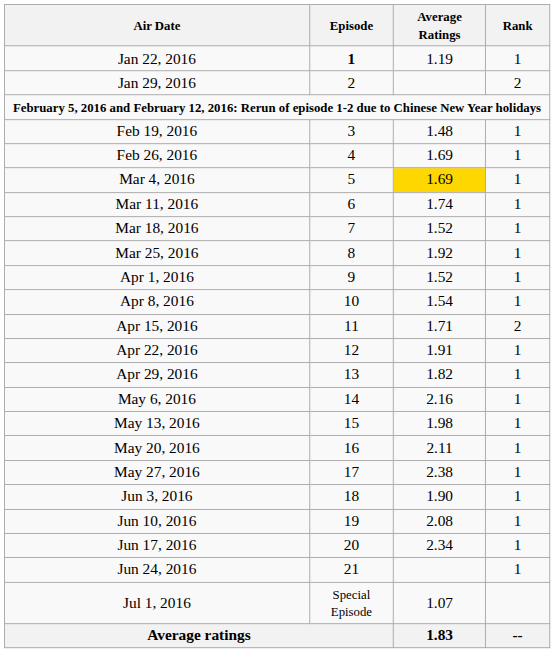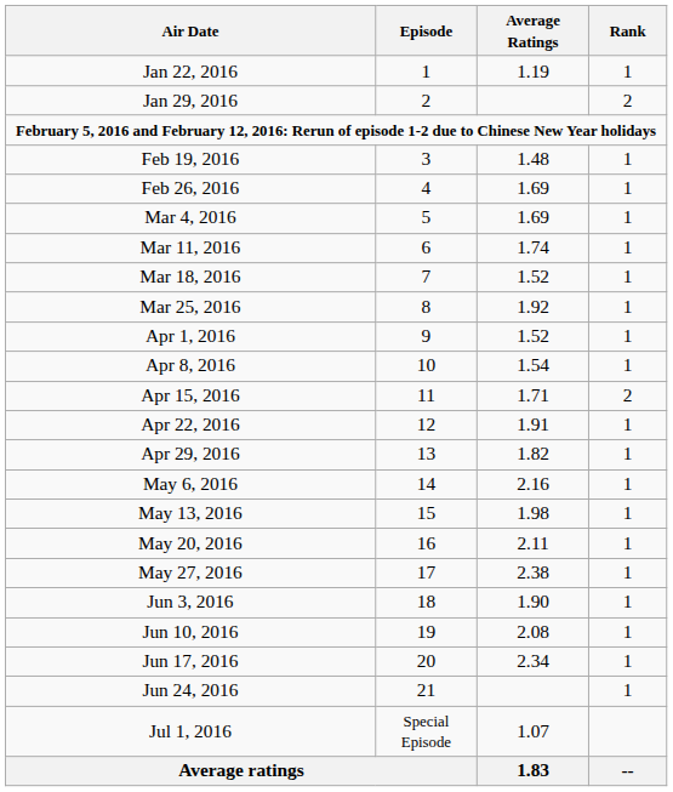 <table class="wikitable" style="text-align:center;width:45%;">
 <tr>
 <th width="25%"><small>Air Date</small></th>
 <th width="5%"><small>Episode</small></th>
 <th width="6%"><small>Average Ratings</small></th>
 <th width="4%"><small>Rank</small></th>
 </tr>
 <tr>
 <td>Jan 22, 2016</td>
-<td><strong>1</strong></td>
+<td>1</td>
 <td>1.19</td>
 <td>1</td>
 </tr>
 <tr>
 <td>Jan 29, 2016</td>
 <td>2</td>
 <td><strong></strong></td>
 <td>2</td>
 </tr>
 <tr>
 <td colspan="4"><strong><small>February 5, 2016 and February 12, 2016: Rerun of episode 1-2 due to Chinese New Year holidays</small></strong></td>
 </tr>
 <tr>
 <td>Feb 19, 2016</td>
 <td>3</td>
 <td>1.48</td>
 <td>1</td>
 </tr>
 <tr>
 <td>Feb 26, 2016</td>
 <td>4</td>
 <td>1.69</td>
 <td>1</td>
 </tr>
 <tr>
 <td>Mar 4, 2016</td>
 <td>5</td>
-<td style="background: gold;">1.69</td>
+<td>1.69</td>
 <td>1</td>
 </tr>
 <tr>
 <td>Mar 11, 2016</td>
 <td>6</td>
 <td>1.74</td>
 <td>1</td>
 </tr>
 <tr>
 <td>Mar 18, 2016</td>
 <td>7</td>
 <td>1.52</td>
 <td>1</td>
 </tr>
 <tr>
 <td>Mar 25, 2016</td>
 <td>8</td>
 <td>1.92</td>
 <td>1</td>
 </tr>
 <tr>
 <td>Apr 1, 2016</td>
 <td>9</td>
 <td>1.52</td>
 <td>1</td>
 </tr>
 <tr>
 <td>Apr 8, 2016</td>
 <td>10</td>
 <td>1.54</td>
 <td>1</td>
 </tr>
 <tr>
 <td>Apr 15, 2016</td>
 <td>11</td>
 <td>1.71</td>
 <td>2</td>
 </tr>
 <tr>
 <td>Apr 22, 2016</td>
 <td>12</td>
 <td>1.91</td>
 <td>1</td>
 </tr>
 <tr>
 <td>Apr 29, 2016</td>
 <td>13</td>
 <td>1.82</td>
 <td>1</td>
 </tr>
 <tr>
 <td>May 6, 2016</td>
 <td>14</td>
 <td>2.16</td>
 <td>1</td>
 </tr>
 <tr>
 <td>May 13, 2016</td>
 <td>15</td>
 <td>1.98</td>
 <td>1</td>
 </tr>
 <tr>
 <td>May 20, 2016</td>
 <td>16</td>
 <td>2.11</td>
 <td>1</td>
 </tr>
 <tr>
 <td>May 27, 2016</td>
 <td>17</td>
 <td>2.38</td>
 <td>1</td>
 </tr>
 <tr>
 <td>Jun 3, 2016</td>
 <td>18</td>
 <td>1.90</td>
 <td>1</td>
 </tr>
 <tr>
 <td>Jun 10, 2016</td>
 <td>19</td>
 <td>2.08</td>
 <td>1</td>
 </tr>
 <tr>
 <td>Jun 17, 2016</td>
 <td>20</td>
 <td>2.34</td>
 <td>1</td>
 </tr>
 <tr>
 <td>Jun 24, 2016</td>
 <td>21</td>
 <td><strong></strong></td>
 <td>1</td>
 </tr>
 <tr>
 <td>Jul 1, 2016</td>
 <td><small>Special Episode</small></td>
 <td>1.07</td>
 <td></td>
 </tr>
 <tr>
 <th colspan="2"><strong>Average ratings</strong></th>
 <th>1.83</th>
 <th>--</th>
 </tr>
 </table>
